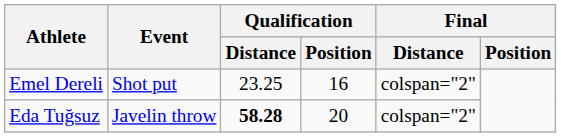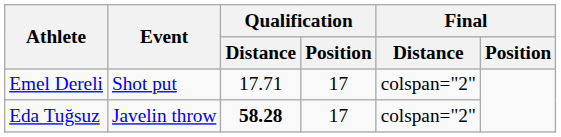 <table class="wikitable" style="font-size:90%">
 <tr>
 <th rowspan="2">Athlete</th>
 <th rowspan="2">Event</th>
 <th colspan="2">Qualification</th>
 <th colspan="2">Final</th>
 </tr>
 <tr>
 <th>Distance</th>
 <th>Position</th>
 <th>Distance</th>
 <th>Position</th>
 </tr>
 <tr style=text-align:center>
 <td style=text-align:left><a href='#'>Emel Dereli</a></td>
 <td style=text-align:left><a href='#'>Shot put</a></td>
-<td>23.25</td>
-<td>16</td>
+<td>17.71</td>
+<td>17</td>
 <td>colspan="2" </td>
 </tr>
 <tr style=text-align:center>
 <td style=text-align:left><a href='#'>Eda Tuğsuz</a></td>
 <td style=text-align:left><a href='#'>Javelin throw</a></td>
 <td><strong>58.28</strong></td>
-<td>20</td>
+<td>17</td>
 <td>colspan="2" </td>
 </tr>
 </table>
